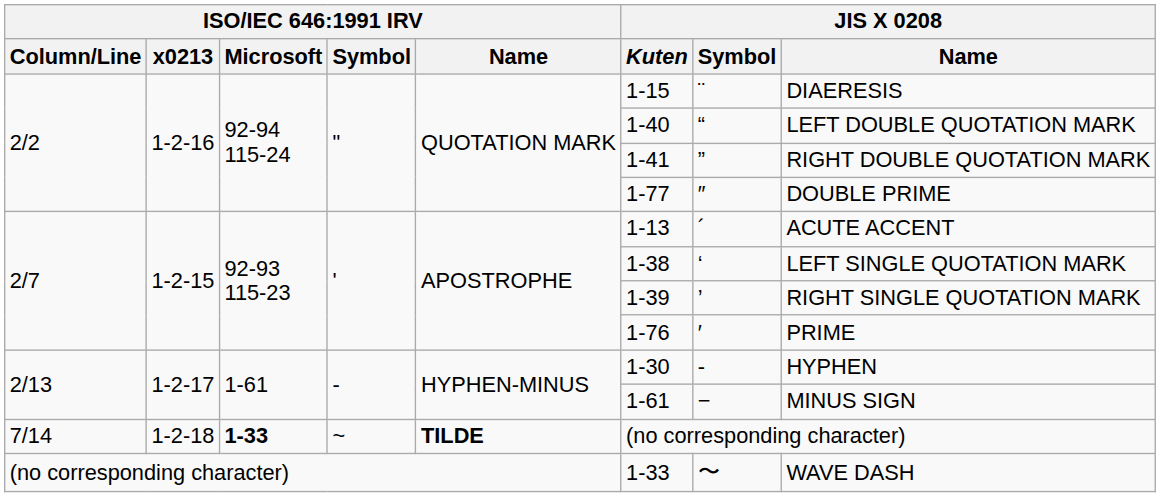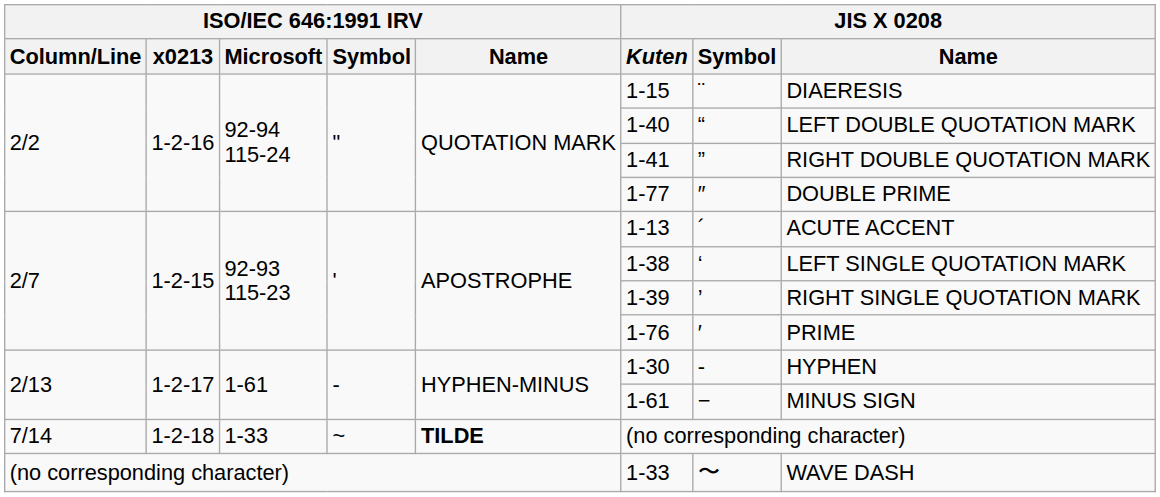 <table class="wikitable">
 <tr>
 <th colspan="5">ISO/IEC 646:1991 IRV</th>
 <th colspan="3">JIS X 0208</th>
 </tr>
 <tr>
 <th>Column/Line</th>
 <th>x0213</th>
 <th>Microsoft</th>
 <th>Symbol</th>
 <th>Name</th>
 <th><em>Kuten</em></th>
 <th>Symbol</th>
 <th>Name</th>
 </tr>
 <tr>
 <td rowspan="4">2/2</td>
 <td rowspan="4">1-2-16</td>
 <td rowspan="4">92-94<br>115-24</td>
 <td rowspan="4">"</td>
 <td rowspan="4">QUOTATION MARK</td>
 <td>1-15</td>
 <td lang="ja">¨</td>
 <td>DIAERESIS</td>
 </tr>
 <tr>
 <td>1-40</td>
 <td lang="ja">“</td>
 <td>LEFT DOUBLE QUOTATION MARK</td>
 </tr>
 <tr>
 <td>1-41</td>
 <td lang="ja">”</td>
 <td>RIGHT DOUBLE QUOTATION MARK</td>
 </tr>
 <tr>
 <td>1-77</td>
 <td lang="ja">″</td>
 <td>DOUBLE PRIME</td>
 </tr>
 <tr>
 <td rowspan="4">2/7</td>
 <td rowspan="4">1-2-15</td>
 <td rowspan="4">92-93<br>115-23</td>
 <td rowspan="4">'</td>
 <td rowspan="4">APOSTROPHE</td>
 <td>1-13</td>
 <td lang="ja">´</td>
 <td>ACUTE ACCENT</td>
 </tr>
 <tr>
 <td>1-38</td>
 <td lang="ja">‘</td>
 <td>LEFT SINGLE QUOTATION MARK</td>
 </tr>
 <tr>
 <td>1-39</td>
 <td lang="ja">’</td>
 <td>RIGHT SINGLE QUOTATION MARK</td>
 </tr>
 <tr>
 <td>1-76</td>
 <td lang="ja">′</td>
 <td>PRIME</td>
 </tr>
 <tr>
 <td rowspan="2">2/13</td>
 <td rowspan="2">1-2-17</td>
 <td rowspan="2">1-61</td>
 <td rowspan="2">-</td>
 <td rowspan="2">HYPHEN-MINUS</td>
 <td>1-30</td>
 <td lang="ja">‐</td>
 <td>HYPHEN</td>
 </tr>
 <tr>
 <td>1-61</td>
 <td lang="ja">−</td>
 <td>MINUS SIGN</td>
 </tr>
 <tr>
 <td>7/14</td>
 <td>1-2-18</td>
-<td><strong>1-33</strong></td>
+<td>1-33</td>
 <td>~</td>
 <td><strong>TILDE</strong></td>
 <td colspan="3">(no corresponding character)</td>
 </tr>
 <tr>
 <td colspan="5">(no corresponding character)</td>
 <td>1-33</td>
 <td lang="ja">〜</td>
 <td>WAVE DASH</td>
 </tr>
 </table>
